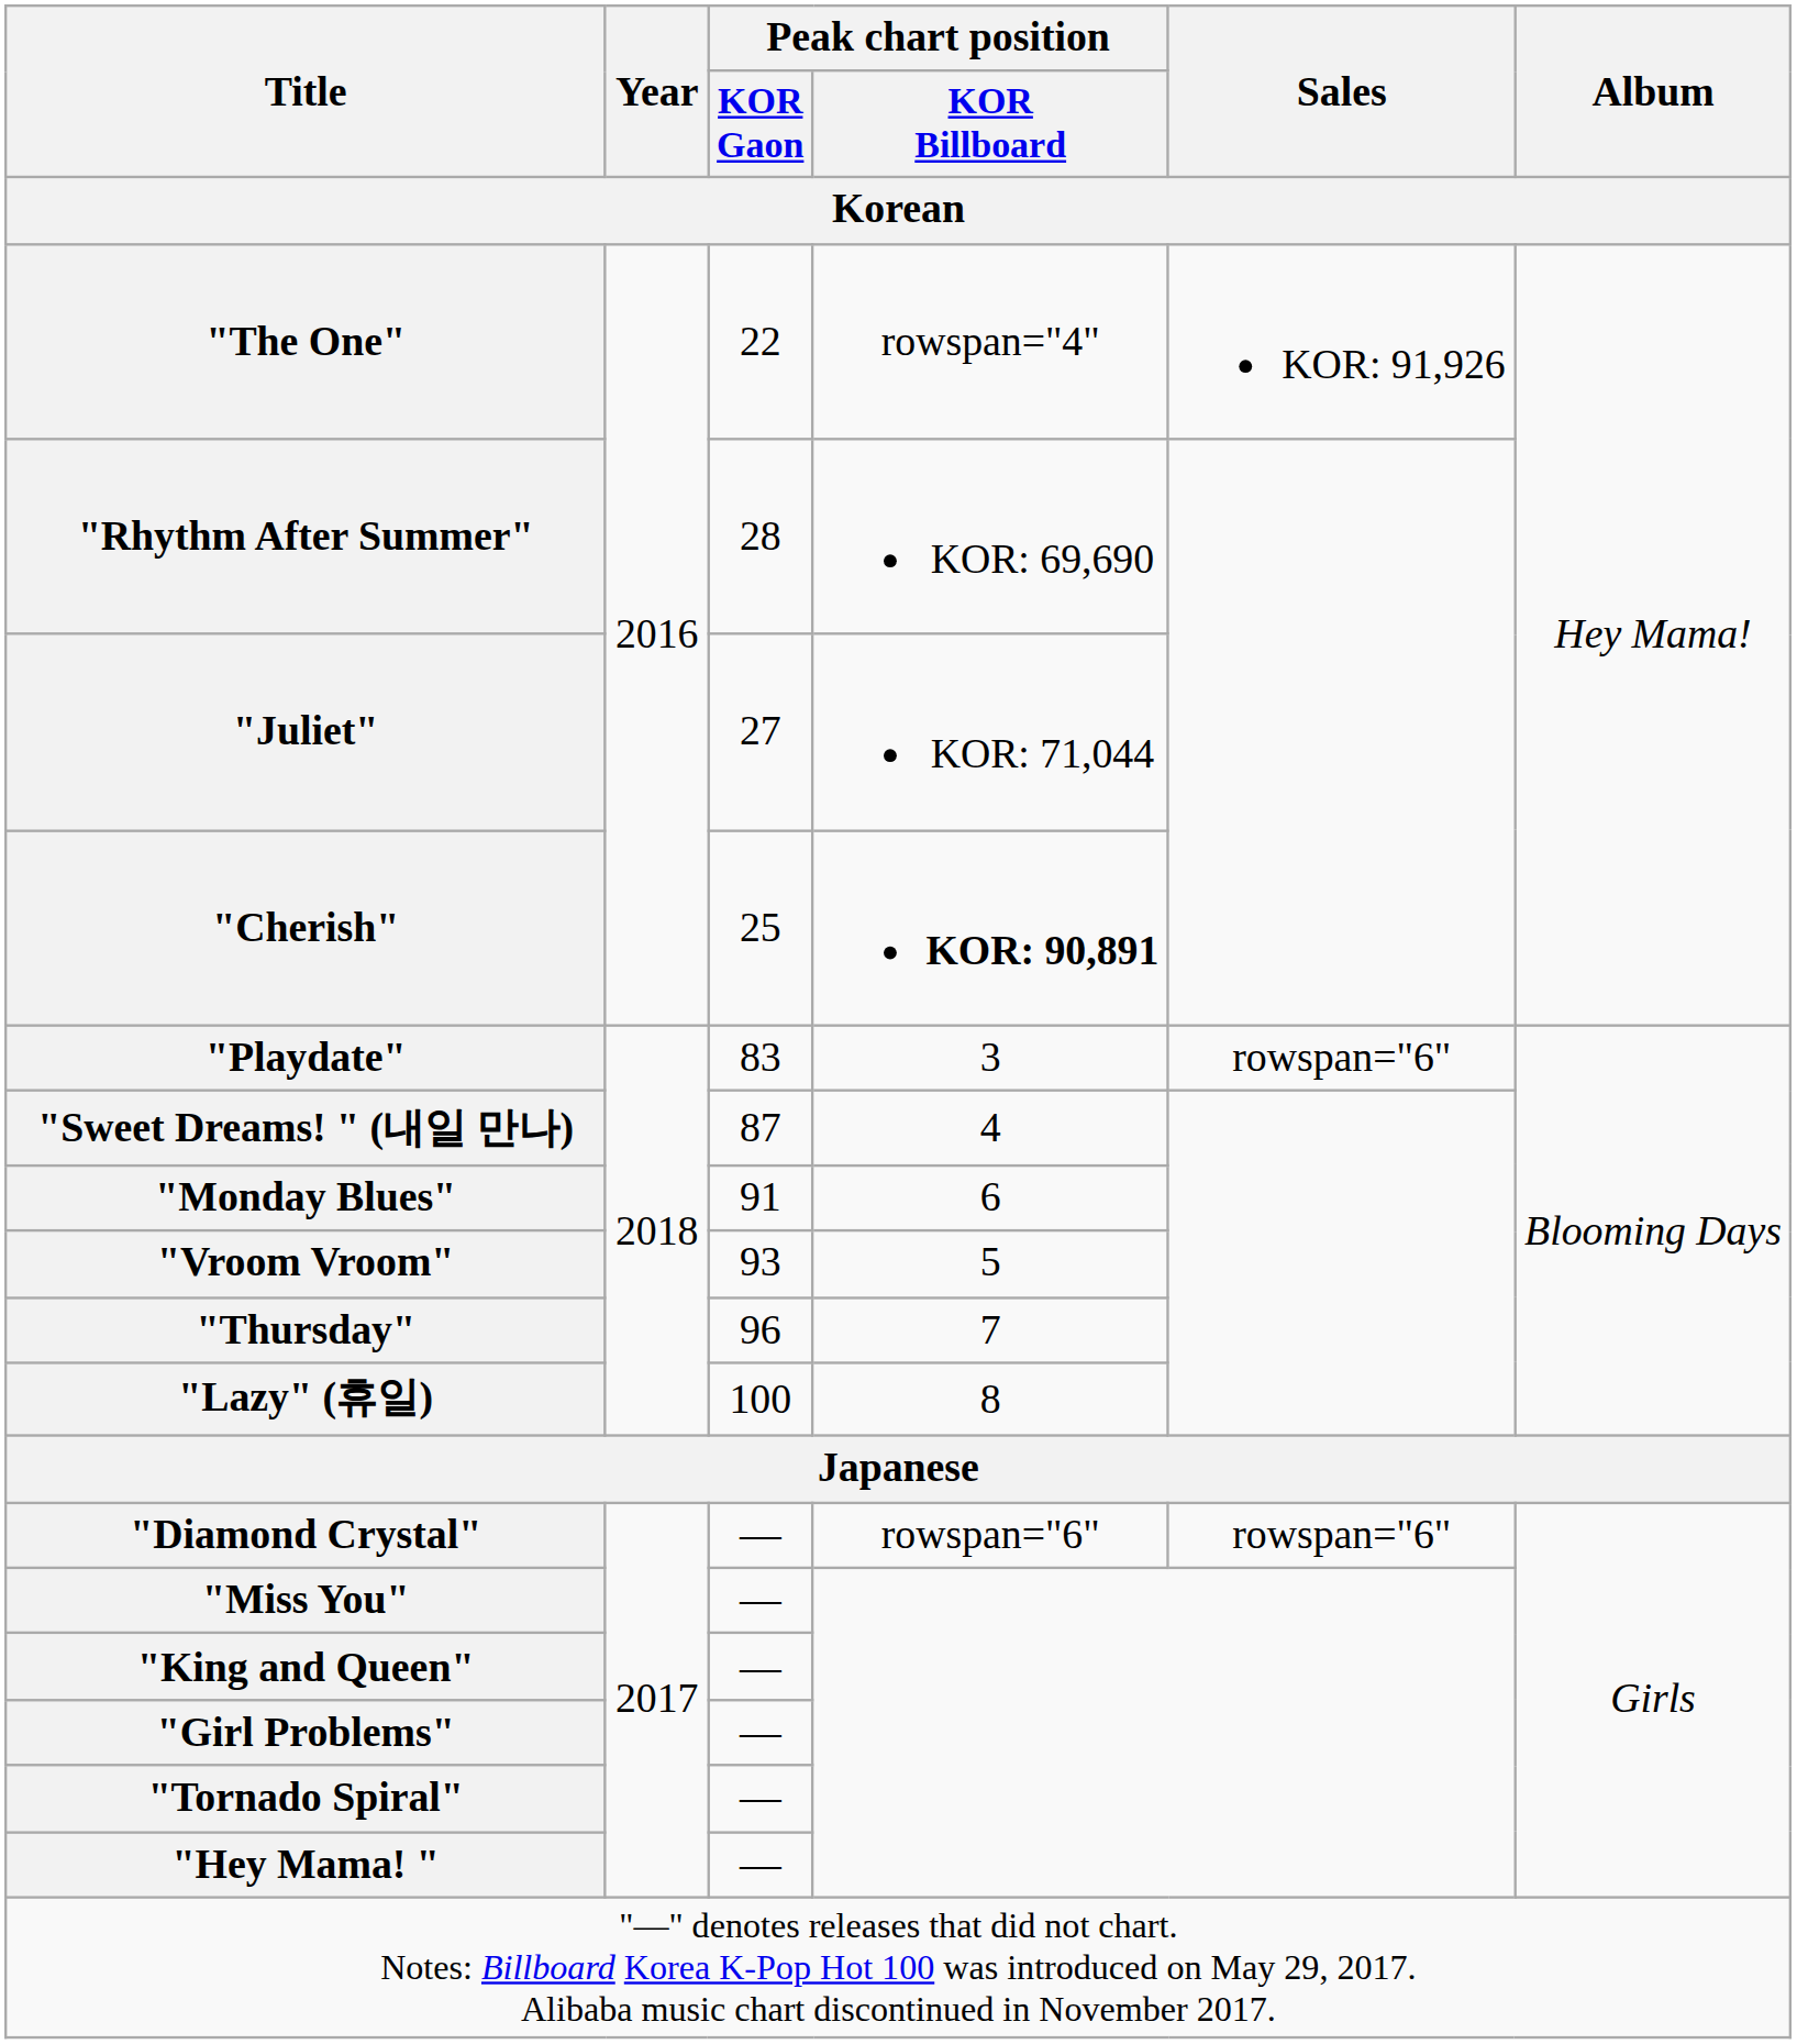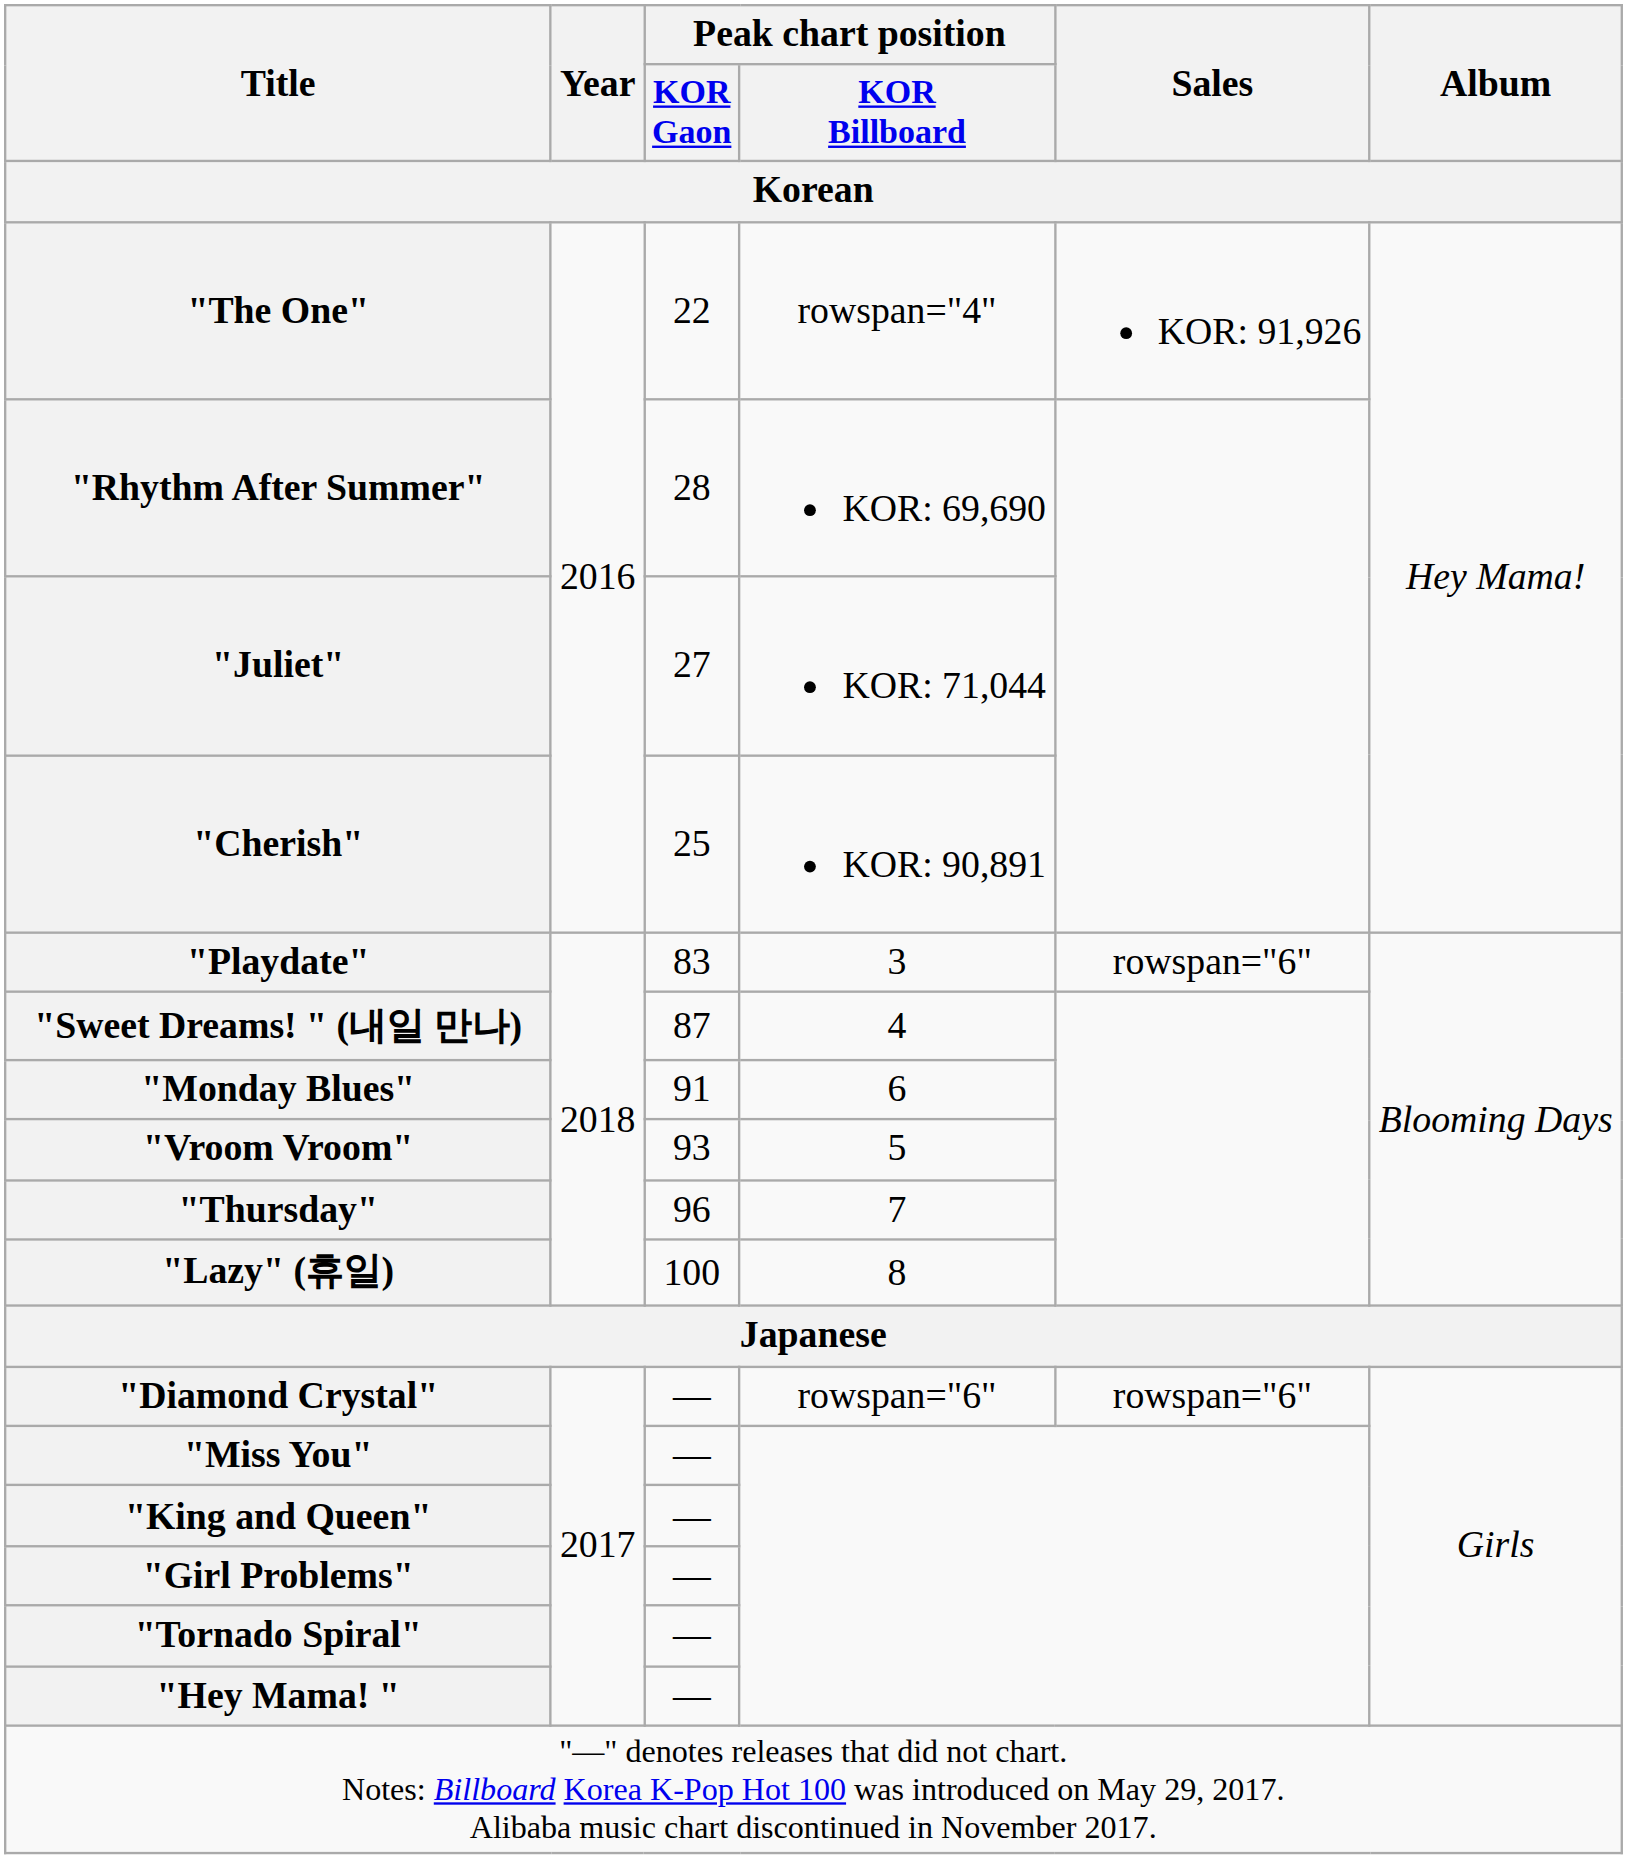 <table class="wikitable plainrowheaders" style="text-align:center">
 <tr>
 <th rowspan="2" style="width:14em">Title</th>
 <th rowspan="2">Year</th>
 <th scope="col" colspan="2">Peak chart position</th>
 <th rowspan="2">Sales</th>
 <th rowspan="2">Album</th>
 </tr>
 <tr>
 <th scope="col" style="font-size:90%"><a href='#'>KOR<br>Gaon</a><br></th>
 <th scope="col" style="font-size:90%"><a href='#'>KOR<br>Billboard</a><br></th>
 </tr>
 <tr>
 <th colspan="6">Korean</th>
 </tr>
 <tr>
 <th scope="row">"The One"</th>
 <td rowspan="4">2016</td>
 <td>22</td>
 <td>rowspan="4" </td>
 <td><br><ul><li>KOR: 91,926</li></ul></td>
 <td rowspan="4"><em>Hey Mama! </em></td>
 </tr>
 <tr>
 <th scope="row">"Rhythm After Summer"</th>
 <td>28</td>
 <td><br><ul><li>KOR: 69,690</li></ul></td>
 </tr>
 <tr>
 <th scope="row">"Juliet"</th>
 <td>27</td>
 <td><br><ul><li>KOR: 71,044</li></ul></td>
 </tr>
 <tr>
 <th scope="row">"Cherish"</th>
 <td>25</td>
-<td><strong><br><ul><li>KOR: 90,891</li></ul></strong></td>
+<td><br><ul><li>KOR: 90,891</li></ul></td>
 </tr>
 <tr>
 <th scope="row">"Playdate"</th>
 <td rowspan="6">2018</td>
 <td>83</td>
 <td>3</td>
 <td>rowspan="6" </td>
 <td rowspan="6"><em>Blooming Days</em></td>
 </tr>
 <tr>
 <th scope="row">"Sweet Dreams! " (내일 만나)</th>
 <td>87</td>
 <td>4</td>
 </tr>
 <tr>
 <th scope="row">"Monday Blues"</th>
 <td>91</td>
 <td>6</td>
 </tr>
 <tr>
 <th scope="row">"Vroom Vroom"</th>
 <td>93</td>
 <td>5</td>
 </tr>
 <tr>
 <th scope="row">"Thursday"</th>
 <td>96</td>
 <td>7</td>
 </tr>
 <tr>
 <th scope="row">"Lazy" (휴일)</th>
 <td>100</td>
 <td>8</td>
 </tr>
 <tr>
 <th colspan="6">Japanese</th>
 </tr>
 <tr>
 <th scope="row">"Diamond Crystal"</th>
 <td rowspan="6">2017</td>
 <td>—</td>
 <td>rowspan="6" </td>
 <td>rowspan="6" </td>
 <td rowspan="6"><em>Girls</em></td>
 </tr>
 <tr>
 <th scope="row">"Miss You"</th>
 <td>—</td>
 </tr>
 <tr>
 <th scope="row">"King and Queen"</th>
 <td>—</td>
 </tr>
 <tr>
 <th scope="row">"Girl Problems"</th>
 <td>—</td>
 </tr>
 <tr>
 <th scope="row">"Tornado Spiral"</th>
 <td>—</td>
 </tr>
 <tr>
 <th scope="row">"Hey Mama! "</th>
 <td>—</td>
 </tr>
 <tr>
 <td colspan="6" style="text-align:center; font-size:85%">"—" denotes releases that did not chart.<br>Notes: <em><a href='#'>Billboard</a></em> <a href='#'>Korea K-Pop Hot 100</a> was introduced on May 29, 2017.<br>Alibaba music chart discontinued in November 2017.</td>
 </tr>
 </table>
